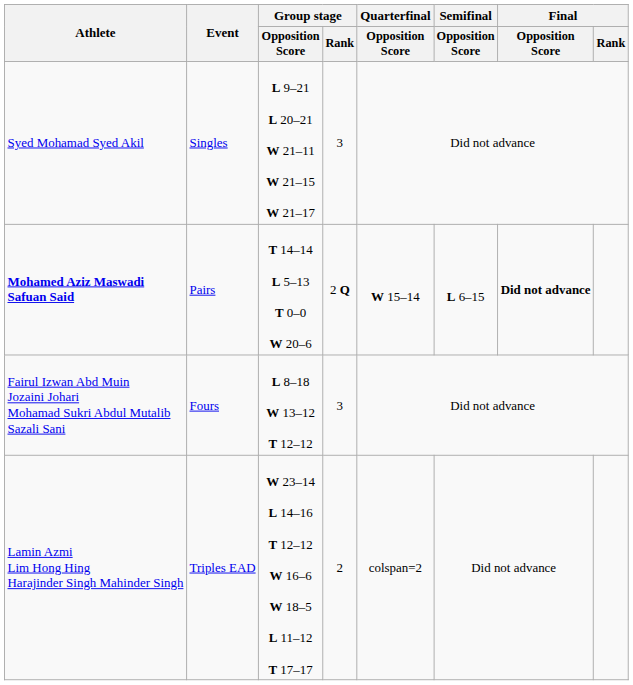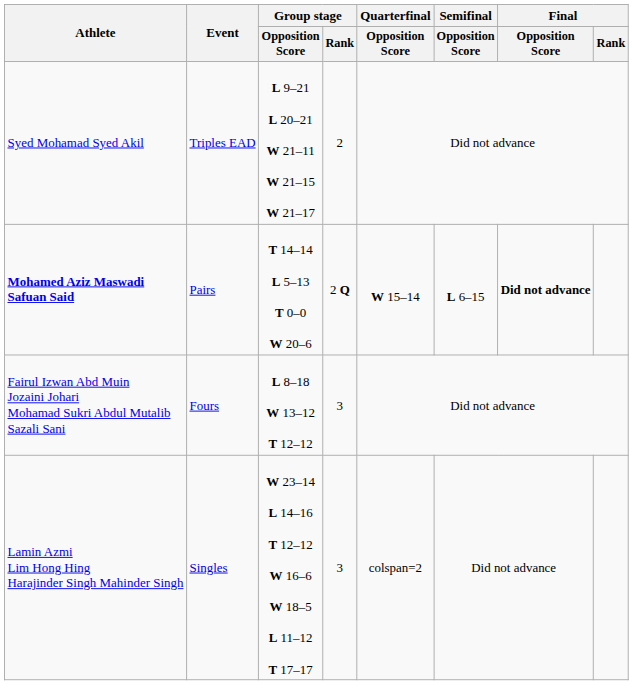 <table class="wikitable" style="font-size:88%">
 <tr>
 <th rowspan=2>Athlete</th>
 <th rowspan=2>Event</th>
 <th colspan=2>Group stage</th>
 <th>Quarterfinal</th>
 <th>Semifinal</th>
 <th colspan=2>Final</th>
 </tr>
 <tr style="font-size:95%">
 <th>Opposition<br>Score</th>
 <th>Rank</th>
 <th>Opposition<br>Score</th>
 <th>Opposition<br>Score</th>
 <th>Opposition<br>Score</th>
 <th>Rank</th>
 </tr>
 <tr align=center>
 <td align=left><a href='#'>Syed Mohamad Syed Akil</a></td>
-<td align=left><a href='#'>Singles</a></td>
+<td align=left><a href='#'>Triples EAD</a></td>
 <td><br><strong>L</strong> 9–21<br><br><strong>L</strong> 20–21<br><br><strong>W</strong> 21–11<br><br><strong>W</strong> 21–15<br><br><strong>W</strong> 21–17</td>
-<td>3</td>
+<td>2</td>
 <td colspan=4>Did not advance</td>
 </tr>
 <tr align=center>
 <td align=left><strong><a href='#'>Mohamed Aziz Maswadi</a><br><a href='#'>Safuan Said</a></strong></td>
 <td align=left><a href='#'>Pairs</a></td>
 <td><br><strong>T</strong> 14–14<br><br><strong>L</strong> 5–13<br><br><strong>T</strong> 0–0<br><br><strong>W</strong> 20–6</td>
 <td>2 <strong>Q</strong></td>
 <td><br><strong>W</strong> 15–14</td>
 <td><br><strong>L</strong> 6–15</td>
 <td><strong>Did not advance</strong></td>
 <td></td>
 </tr>
 <tr align=center>
 <td align=left><a href='#'>Fairul Izwan Abd Muin</a><br><a href='#'>Jozaini Johari</a><br><a href='#'>Mohamad Sukri Abdul Mutalib</a><br><a href='#'>Sazali Sani</a></td>
 <td align=left><a href='#'>Fours</a></td>
 <td><br><strong>L</strong> 8–18<br><br><strong>W</strong> 13–12<br><br><strong>T</strong> 12–12</td>
 <td>3</td>
 <td colspan=4>Did not advance</td>
 </tr>
 <tr align=center>
 <td align=left><a href='#'>Lamin Azmi</a><br><a href='#'>Lim Hong Hing</a><br><a href='#'>Harajinder Singh Mahinder Singh</a></td>
-<td align=left><a href='#'>Triples EAD</a></td>
+<td align=left><a href='#'>Singles</a></td>
 <td><br><strong>W</strong> 23–14<br><br><strong>L</strong> 14–16<br><br><strong>T</strong> 12–12<br><br><strong>W</strong> 16–6<br><br><strong>W</strong> 18–5<br><br><strong>L</strong> 11–12<br><br><strong>T</strong> 17–17</td>
-<td>2</td>
+<td>3</td>
 <td>colspan=2 </td>
 <td colspan=2>Did not advance</td>
 </tr>
 </table>
